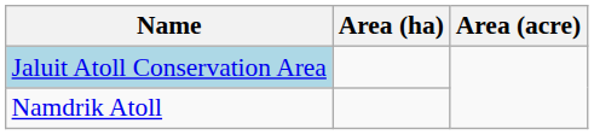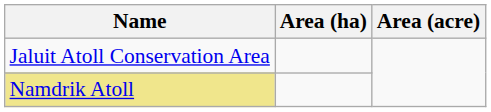 <table class="wikitable sortable">
 <tr>
 <th scope="col" align=left>Name</th>
 <th scope="col">Area (ha)</th>
 <th scope="col">Area (acre)</th>
 </tr>
 <tr ---->
-<td style="background: lightblue;"><a href='#'>Jaluit Atoll Conservation Area</a></td>
+<td><a href='#'>Jaluit Atoll Conservation Area</a></td>
 <td></td>
 </tr>
 <tr ---->
-<td><a href='#'>Namdrik Atoll</a></td>
+<td style="background: khaki;"><a href='#'>Namdrik Atoll</a></td>
 <td></td>
 </tr>
 </table>
